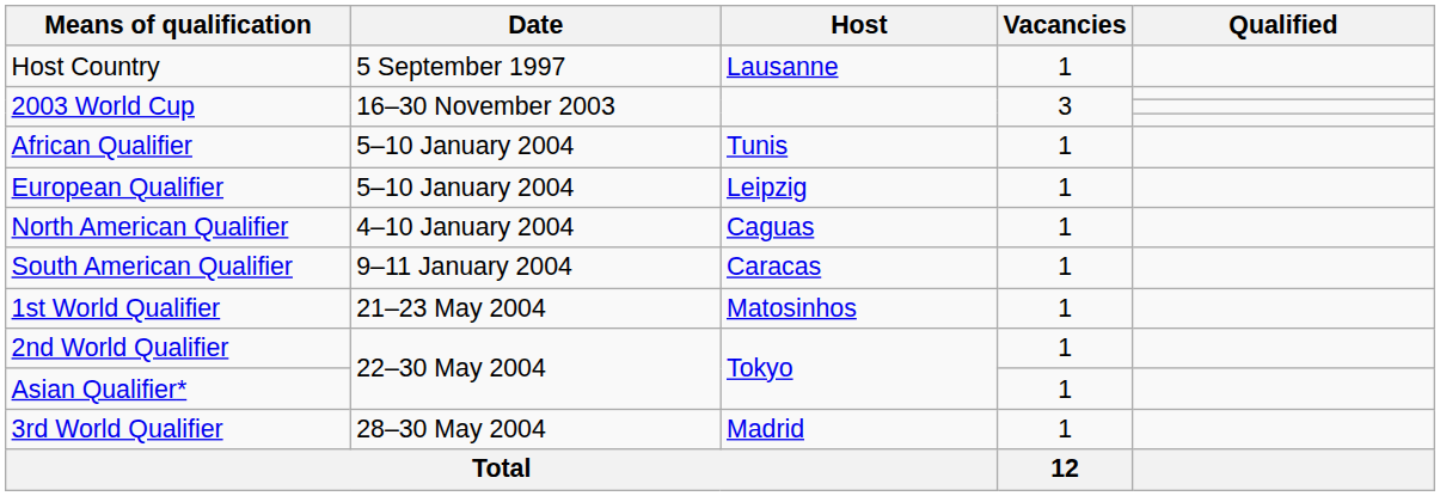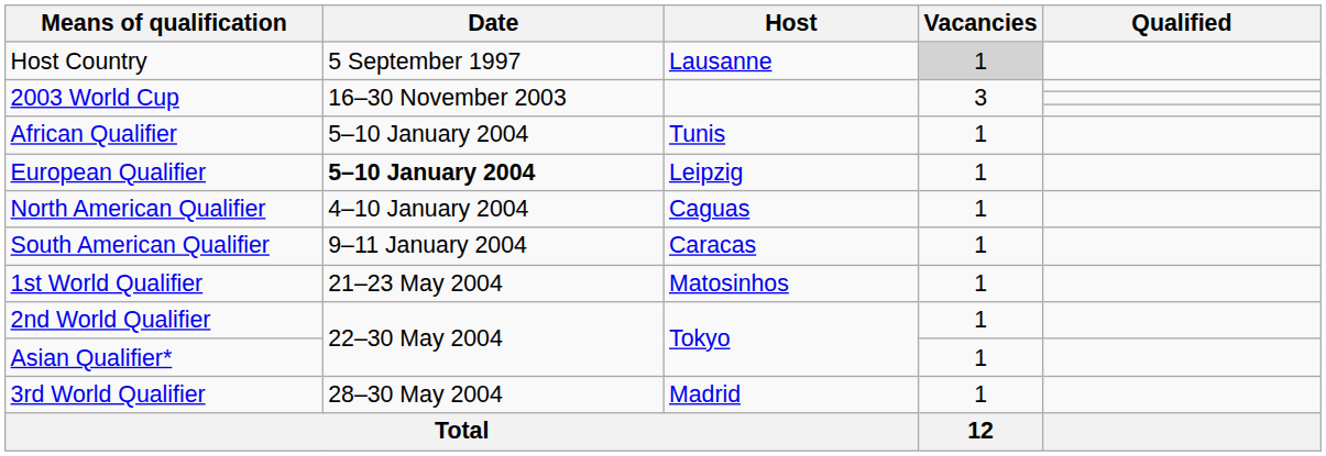 <table class="wikitable" width=900>
 <tr>
 <th width=25%>Means of qualification</th>
 <th width=27%>Date</th>
 <th width=20%>Host</th>
 <th width=6%>Vacancies</th>
 <th width=22%>Qualified</th>
 </tr>
 <tr>
 <td>Host Country</td>
 <td>5 September 1997</td>
 <td> <a href='#'>Lausanne</a></td>
-<td align="center">1</td>
+<td align="center" style="background: lightgrey;">1</td>
 <td></td>
 </tr>
 <tr>
 <td rowspan="3"><a href='#'>2003 World Cup</a></td>
 <td rowspan="3">16–30 November 2003</td>
 <td rowspan="3"></td>
 <td rowspan="3" align="center">3</td>
 <td></td>
 </tr>
 <tr>
 <td></td>
 </tr>
 <tr>
 <td></td>
 </tr>
 <tr>
 <td><a href='#'>African Qualifier</a></td>
 <td>5–10 January 2004</td>
 <td> <a href='#'>Tunis</a></td>
 <td align="center">1</td>
 <td></td>
 </tr>
 <tr>
 <td><a href='#'>European Qualifier</a></td>
-<td>5–10 January 2004</td>
+<td><strong>5–10 January 2004</strong></td>
 <td> <a href='#'>Leipzig</a></td>
 <td align="center">1</td>
 <td></td>
 </tr>
 <tr>
 <td><a href='#'>North American Qualifier</a></td>
 <td>4–10 January 2004</td>
 <td> <a href='#'>Caguas</a></td>
 <td align="center">1</td>
 <td></td>
 </tr>
 <tr>
 <td><a href='#'>South American Qualifier</a></td>
 <td>9–11 January 2004</td>
 <td> <a href='#'>Caracas</a></td>
 <td align="center">1</td>
 <td></td>
 </tr>
 <tr>
 <td><a href='#'>1st World Qualifier</a></td>
 <td>21–23 May 2004</td>
 <td> <a href='#'>Matosinhos</a></td>
 <td align="center">1</td>
 <td></td>
 </tr>
 <tr>
 <td><a href='#'>2nd World Qualifier</a></td>
 <td rowspan="2">22–30 May 2004</td>
 <td rowspan="2"> <a href='#'>Tokyo</a></td>
 <td align="center">1</td>
 <td></td>
 </tr>
 <tr>
 <td><a href='#'>Asian Qualifier</a><a href='#'>*</a></td>
 <td align="center">1</td>
 <td></td>
 </tr>
 <tr>
 <td><a href='#'>3rd World Qualifier</a></td>
 <td>28–30 May 2004</td>
 <td> <a href='#'>Madrid</a></td>
 <td align="center">1</td>
 <td></td>
 </tr>
 <tr>
 <th colspan="3">Total</th>
 <th>12</th>
 <th></th>
 </tr>
 </table>
